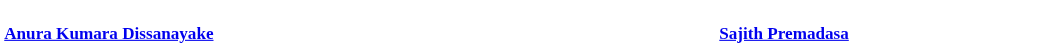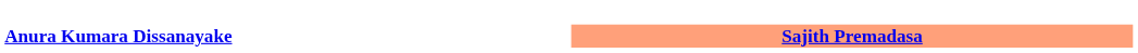 <table style="width:100%; text-align:center">
 <tr style="color:white">
 <td style="background:"><strong>6,135</strong></td>
 <td style="background:"><strong>8,517</strong></td>
 </tr>
 <tr>
 <td style="color:"><strong><a href='#'>Anura Kumara Dissanayake</a></strong></td>
-<td style="color:"><strong><a href='#'>Sajith Premadasa</a></strong></td>
+<td style="background: lightsalmon; color:"><strong><a href='#'>Sajith Premadasa</a></strong></td>
 </tr>
 </table>
